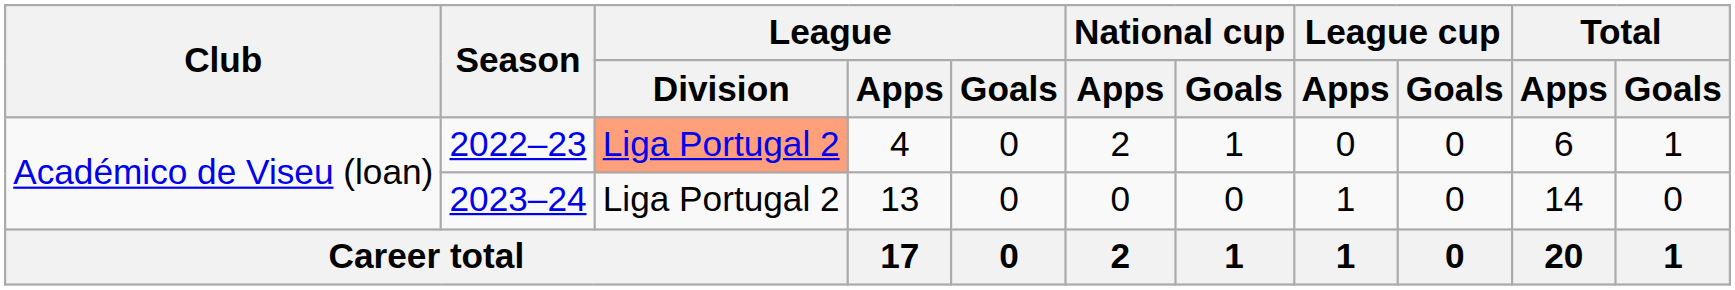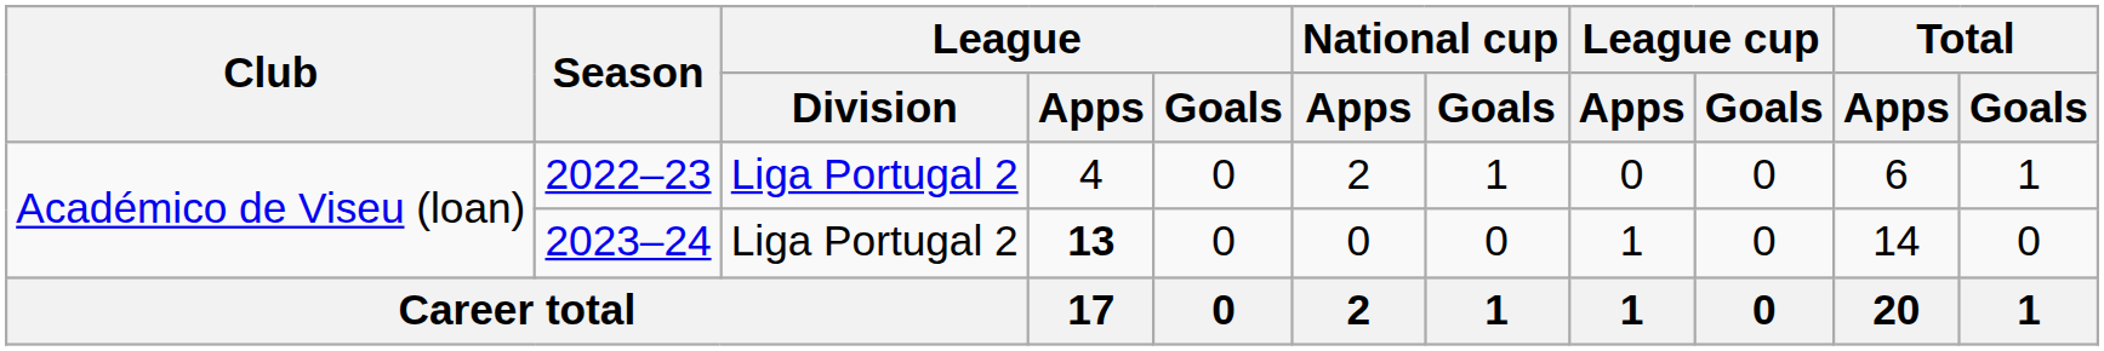 <table class="wikitable" style="text-align: center">
 <tr>
 <th rowspan="2">Club</th>
 <th rowspan="2">Season</th>
 <th colspan="3">League</th>
 <th colspan="2">National cup</th>
 <th colspan="2">League cup</th>
 <th colspan="2">Total</th>
 </tr>
 <tr>
 <th>Division</th>
 <th>Apps</th>
 <th>Goals</th>
 <th>Apps</th>
 <th>Goals</th>
 <th>Apps</th>
 <th>Goals</th>
 <th>Apps</th>
 <th>Goals</th>
 </tr>
 <tr>
 <td rowspan="2"><a href='#'>Académico de Viseu</a> (loan)</td>
 <td><a href='#'>2022–23</a></td>
-<td style="background: lightsalmon;"><a href='#'>Liga Portugal 2</a></td>
+<td><a href='#'>Liga Portugal 2</a></td>
 <td>4</td>
 <td>0</td>
 <td>2</td>
 <td>1</td>
 <td>0</td>
 <td>0</td>
 <td>6</td>
 <td>1</td>
 </tr>
 <tr>
 <td><a href='#'>2023–24</a></td>
 <td>Liga Portugal 2</td>
-<td>13</td>
+<td><strong>13</strong></td>
 <td>0</td>
 <td>0</td>
 <td>0</td>
 <td>1</td>
 <td>0</td>
 <td>14</td>
 <td>0</td>
 </tr>
 <tr>
 <th colspan="3">Career total</th>
 <th>17</th>
 <th>0</th>
 <th>2</th>
 <th>1</th>
 <th>1</th>
 <th>0</th>
 <th>20</th>
 <th>1</th>
 </tr>
 </table>
